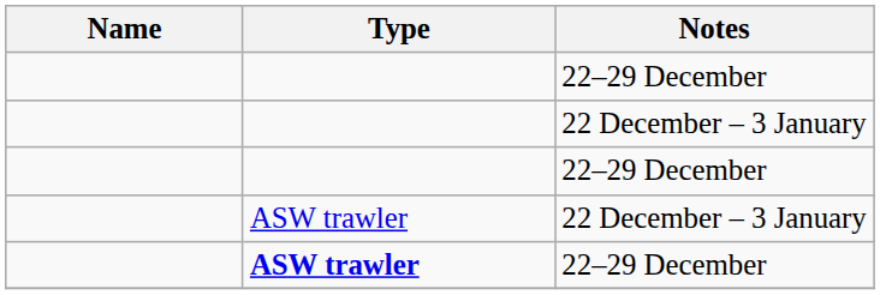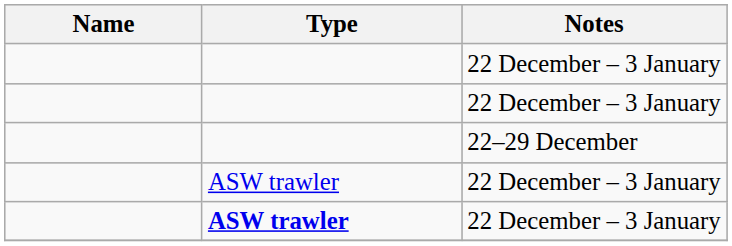 <table class="wikitable sortable">
 <tr>
 <th scope="col" width="120px">Name</th>
 <th scope="col" width="160px">Type</th>
 <th>Notes</th>
 </tr>
 <tr>
 <td align="left"></td>
 <td align="left"></td>
-<td align="left">22–29 December</td>
+<td align="left">22 December – 3 January</td>
 </tr>
 <tr>
 <td align="left"></td>
 <td align="left"></td>
 <td align="left">22 December – 3 January</td>
 </tr>
 <tr>
 <td align="left"></td>
 <td align="left"></td>
 <td align="left">22–29 December</td>
 </tr>
 <tr>
 <td align="left"></td>
 <td align="left"><a href='#'>ASW trawler</a></td>
 <td align="left">22 December – 3 January</td>
 </tr>
 <tr>
 <td align="left"></td>
 <td align="left"><strong><a href='#'>ASW trawler</a></strong></td>
-<td align="left">22–29 December</td>
+<td align="left">22 December – 3 January</td>
 </tr>
 <tr>
 </tr>
 </table>
